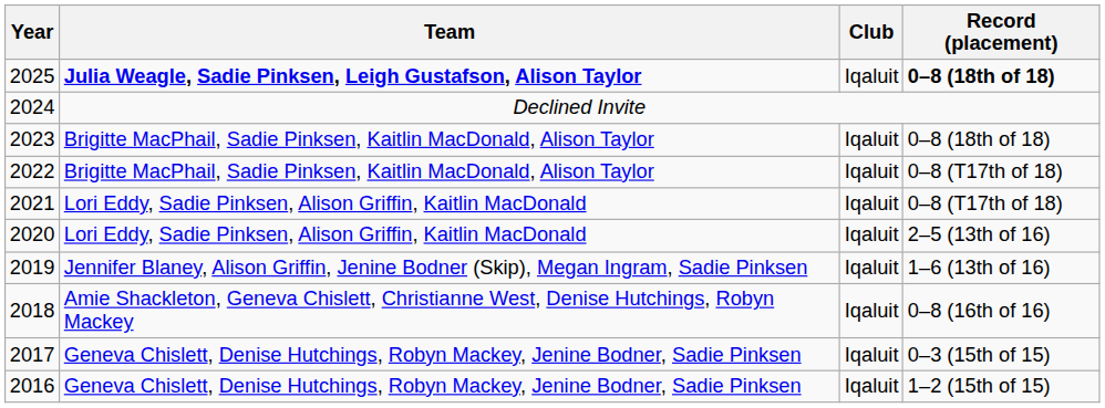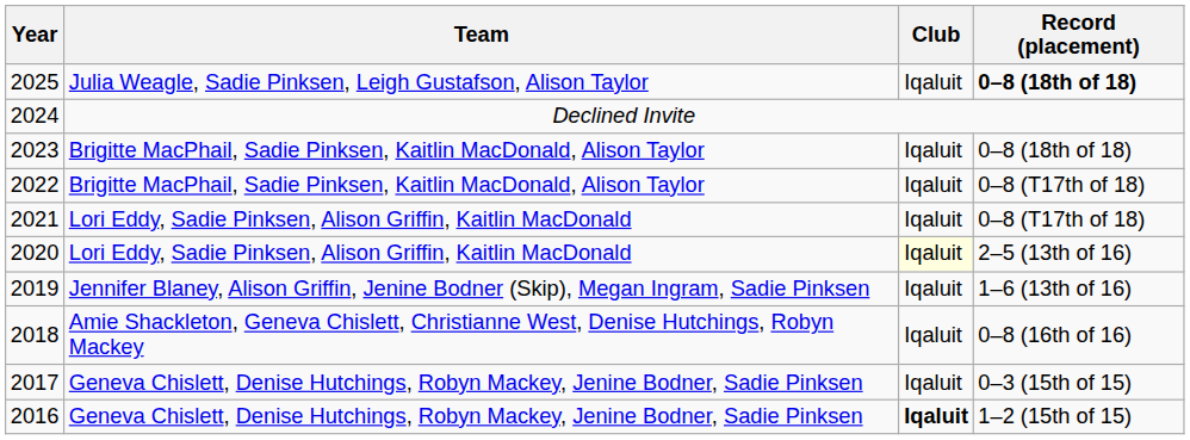 <table class="wikitable">
 <tr>
 <th scope="col">Year</th>
 <th scope="col">Team</th>
 <th scope="col">Club</th>
 <th scope="col">Record (placement)</th>
 </tr>
 <tr>
 <td>2025</td>
-<td><strong><a href='#'>Julia Weagle</a>, <a href='#'>Sadie Pinksen</a>, <a href='#'>Leigh Gustafson</a>, <a href='#'>Alison Taylor</a></strong></td>
+<td><a href='#'>Julia Weagle</a>, <a href='#'>Sadie Pinksen</a>, <a href='#'>Leigh Gustafson</a>, <a href='#'>Alison Taylor</a></td>
 <td>Iqaluit</td>
 <td><strong>0–8 (18th of 18)</strong></td>
 </tr>
 <tr>
 <td>2024</td>
 <td colspan="3" style="text-align:center;"><em>Declined Invite</em></td>
 </tr>
 <tr>
 <td>2023</td>
 <td><a href='#'>Brigitte MacPhail</a>, <a href='#'>Sadie Pinksen</a>, <a href='#'>Kaitlin MacDonald</a>, <a href='#'>Alison Taylor</a></td>
 <td>Iqaluit</td>
 <td>0–8 (18th of 18)</td>
 </tr>
 <tr>
 <td>2022</td>
 <td><a href='#'>Brigitte MacPhail</a>, <a href='#'>Sadie Pinksen</a>, <a href='#'>Kaitlin MacDonald</a>, <a href='#'>Alison Taylor</a></td>
 <td>Iqaluit</td>
 <td>0–8 (T17th of 18)</td>
 </tr>
 <tr>
 <td>2021</td>
 <td><a href='#'>Lori Eddy</a>, <a href='#'>Sadie Pinksen</a>, <a href='#'>Alison Griffin</a>, <a href='#'>Kaitlin MacDonald</a></td>
 <td>Iqaluit</td>
 <td>0–8 (T17th of 18)</td>
 </tr>
 <tr>
 <td>2020</td>
 <td><a href='#'>Lori Eddy</a>, <a href='#'>Sadie Pinksen</a>, <a href='#'>Alison Griffin</a>, <a href='#'>Kaitlin MacDonald</a></td>
-<td>Iqaluit</td>
+<td style="background: lightyellow;">Iqaluit</td>
 <td>2–5 (13th of 16)</td>
 </tr>
 <tr>
 <td>2019</td>
 <td><a href='#'>Jennifer Blaney</a>, <a href='#'>Alison Griffin</a>, <a href='#'>Jenine Bodner</a> (Skip), <a href='#'>Megan Ingram</a>, <a href='#'>Sadie Pinksen</a></td>
 <td>Iqaluit</td>
 <td>1–6 (13th of 16)</td>
 </tr>
 <tr>
 <td>2018</td>
 <td><a href='#'>Amie Shackleton</a>, <a href='#'>Geneva Chislett</a>, <a href='#'>Christianne West</a>, <a href='#'>Denise Hutchings</a>, <a href='#'>Robyn Mackey</a></td>
 <td>Iqaluit</td>
 <td>0–8 (16th of 16)</td>
 </tr>
 <tr>
 <td>2017</td>
 <td><a href='#'>Geneva Chislett</a>, <a href='#'>Denise Hutchings</a>, <a href='#'>Robyn Mackey</a>, <a href='#'>Jenine Bodner</a>, <a href='#'>Sadie Pinksen</a></td>
 <td>Iqaluit</td>
 <td>0–3 (15th of 15)</td>
 </tr>
 <tr>
 <td>2016</td>
 <td><a href='#'>Geneva Chislett</a>, <a href='#'>Denise Hutchings</a>, <a href='#'>Robyn Mackey</a>, <a href='#'>Jenine Bodner</a>, <a href='#'>Sadie Pinksen</a></td>
-<td>Iqaluit</td>
+<td><strong>Iqaluit</strong></td>
 <td>1–2 (15th of 15)</td>
 </tr>
 </table>
